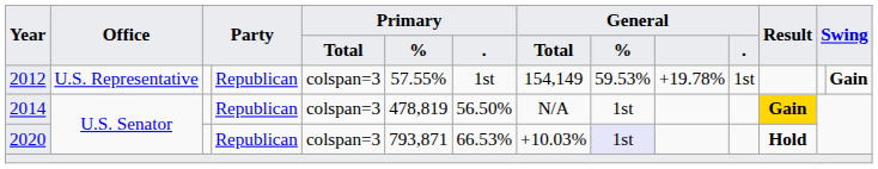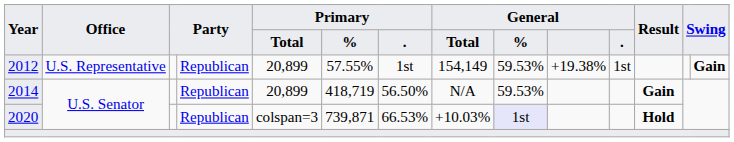 <table class="wikitable" style="font-size:90%; text-align:center;">
 <tr>
 <th style="background-color:#EAECF0;" rowspan=2>Year</th>
 <th style="background-color:#EAECF0;" rowspan=2>Office</th>
 <th style="background-color:#EAECF0;" colspan=2 rowspan=2>Party</th>
 <th style="background-color:#EAECF0;" colspan=3>Primary</th>
 <th style="background-color:#EAECF0;" colspan=4>General</th>
 <th style="background-color:#EAECF0;" rowspan=2>Result</th>
 <th style="background-color:#EAECF0;" colspan=2 rowspan=2><a href='#'>Swing</a></th>
 </tr>
 <tr>
 <th style="background-color:#EAECF0;">Total</th>
 <th style="background-color:#EAECF0;">%</th>
 <th style="background-color:#EAECF0;">.</th>
 <th style="background-color:#EAECF0;">Total</th>
 <th style="background-color:#EAECF0;">%</th>
 <th style="background-color:#EAECF0;"></th>
 <th style="background-color:#EAECF0;">.</th>
 </tr>
 <tr>
 <td style="background-color:#EAECF0;"><a href='#'>2012</a></td>
 <td><a href='#'>U.S. Representative</a></td>
 <td style="background-color:"></td>
 <td><a href='#'>Republican</a></td>
-<td>colspan=3 </td>
+<td>20,899</td>
 <td>57.55%</td>
 <td>1st</td>
 <td>154,149</td>
 <td>59.53%</td>
-<td>+19.78%</td>
+<td>+19.38%</td>
 <td>1st</td>
 <td></td>
 <td style="background-color:"></td>
 <td><strong>Gain</strong></td>
 </tr>
 <tr>
 <td style="background-color:#EAECF0;"><a href='#'>2014</a></td>
 <td rowspan=2><a href='#'>U.S. Senator</a></td>
 <td style="background-color:"></td>
 <td><a href='#'>Republican</a></td>
-<td>colspan=3 </td>
-<td>478,819</td>
+<td>20,899</td>
+<td>418,719</td>
 <td>56.50%</td>
 <td>N/A</td>
-<td>1st</td>
+<td>59.53%</td>
 <td></td>
 <td style="background-color:"></td>
-<td style="background: gold;"><strong>Gain</strong></td>
+<td><strong>Gain</strong></td>
 </tr>
 <tr>
 <td style="background-color:#EAECF0;"><a href='#'>2020</a></td>
 <td style="background-color:"></td>
 <td><a href='#'>Republican</a></td>
 <td>colspan=3 </td>
-<td>793,871</td>
+<td>739,871</td>
 <td>66.53%</td>
 <td>+10.03%</td>
 <td style="background: lavender;">1st</td>
 <td></td>
 <td style="background-color:"></td>
 <td><strong>Hold</strong></td>
 </tr>
 <tr>
 <td style="background-color:#EAECF0;" colspan=14></td>
 </tr>
 </table>
